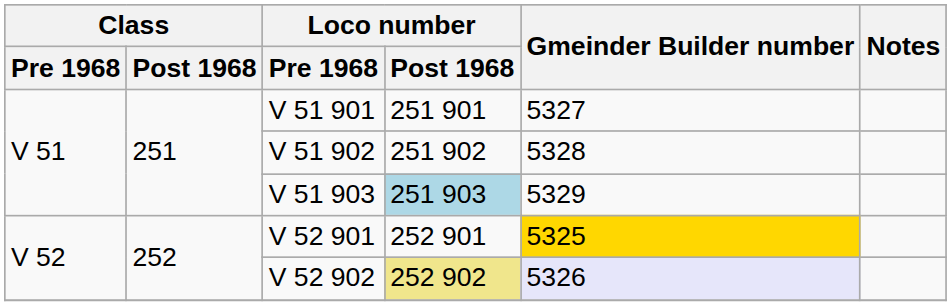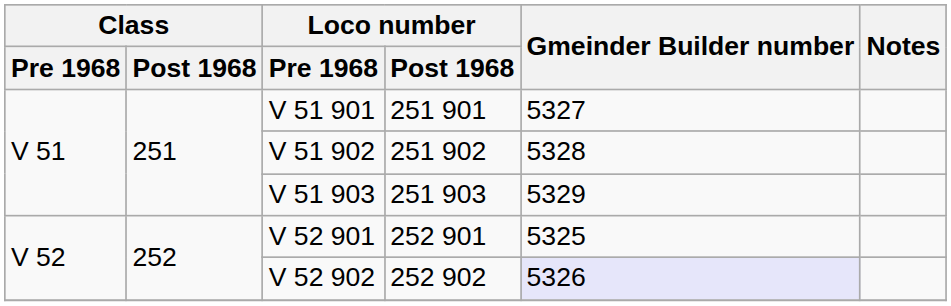 <table class="wikitable">
 <tr>
 <th colspan=2>Class</th>
 <th colspan=2>Loco number</th>
 <th rowspan=2>Gmeinder Builder number</th>
 <th rowspan=2>Notes</th>
 </tr>
 <tr>
 <th>Pre 1968</th>
 <th>Post 1968</th>
 <th>Pre 1968</th>
 <th>Post 1968</th>
 </tr>
 <tr>
 <td rowspan=3>V 51</td>
 <td rowspan=3>251</td>
 <td>V 51 901</td>
 <td>251 901</td>
 <td>5327</td>
 <td></td>
 </tr>
 <tr>
 <td>V 51 902</td>
 <td>251 902</td>
 <td>5328</td>
 <td></td>
 </tr>
 <tr>
 <td>V 51 903</td>
-<td style="background: lightblue;">251 903</td>
+<td>251 903</td>
 <td>5329</td>
 <td></td>
 </tr>
 <tr>
 <td rowspan=2>V 52</td>
 <td rowspan=2>252</td>
 <td>V 52 901</td>
 <td>252 901</td>
-<td style="background: gold;">5325</td>
+<td>5325</td>
 <td></td>
 </tr>
 <tr>
 <td>V 52 902</td>
-<td style="background: khaki;">252 902</td>
+<td>252 902</td>
 <td style="background: lavender;">5326</td>
 <td></td>
 </tr>
 <tr>
 </tr>
 </table>
